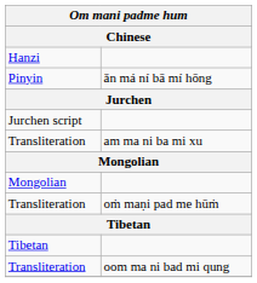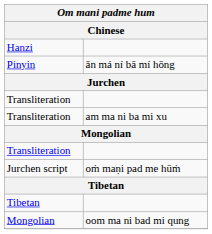 <table class="wikitable floatright" cellspacing="5" width="300px">
 <tr>
 <th colspan="2" align="center" bgcolor="#CCCCCC"><strong><em>Om mani padme hum</em></strong></th>
 </tr>
 <tr>
 <th colspan="2" align="center" bgcolor="#e0e0e0"><strong>Chinese</strong></th>
 </tr>
 <tr>
 <td><a href='#'>Hanzi</a></td>
 <td></td>
 </tr>
 <tr>
 <td><a href='#'>Pinyin</a></td>
 <td>ǎn má ní bā mí hōng</td>
 </tr>
 <tr>
 <th colspan="2" align="center" bgcolor="#e0e0e0"><strong>Jurchen</strong></th>
 </tr>
 <tr>
-<td>Jurchen script</td>
+<td>Transliteration</td>
 <td></td>
 </tr>
 <tr>
 <td>Transliteration</td>
 <td>am ma ni ba mi xu</td>
 </tr>
 <tr>
 <th colspan="2" align="center" bgcolor="#e0e0e0"><strong>Mongolian</strong></th>
 </tr>
 <tr>
-<td><a href='#'>Mongolian</a></td>
+<td><a href='#'>Transliteration</a></td>
 <td>     </td>
 </tr>
 <tr>
-<td>Transliteration</td>
+<td>Jurchen script</td>
 <td>oṁ maṇi pad me hūṁ</td>
 </tr>
 <tr>
 <th colspan="2" align="center" bgcolor="#e0e0e0"><strong>Tibetan</strong></th>
 </tr>
 <tr>
 <td><a href='#'>Tibetan</a></td>
 <td></td>
 </tr>
 <tr>
-<td><a href='#'>Transliteration</a></td>
+<td><a href='#'>Mongolian</a></td>
 <td>oom ma ni bad mi qung</td>
 </tr>
 <tr>
 </tr>
 </table>
